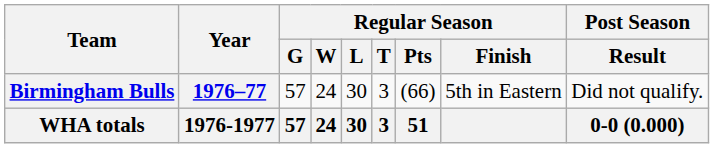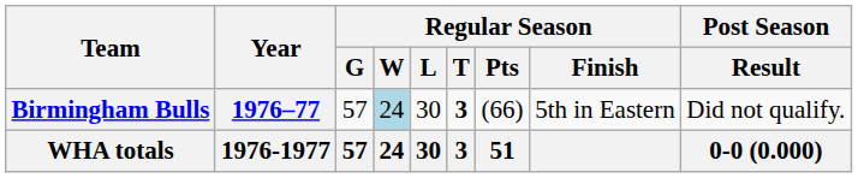 <table class="wikitable" style="font-size: 95%; text-align:center;">
 <tr>
 <th rowspan="2">Team</th>
 <th rowspan="2">Year</th>
 <th colspan="6">Regular Season</th>
 <th colspan="1">Post Season</th>
 </tr>
 <tr>
 <th>G</th>
 <th>W</th>
 <th>L</th>
 <th>T</th>
 <th>Pts</th>
 <th>Finish</th>
 <th>Result</th>
 </tr>
 <tr>
 <th><a href='#'>Birmingham Bulls</a></th>
 <th><a href='#'>1976–77</a></th>
 <td>57</td>
-<td>24</td>
+<td style="background: lightblue;">24</td>
 <td>30</td>
-<td>3</td>
+<td><strong>3</strong></td>
 <td>(66)</td>
 <td>5th in Eastern</td>
 <td>Did not qualify.</td>
 </tr>
 <tr align="centre" bgcolor="#dddddd">
 <th>WHA totals</th>
 <th>1976-1977</th>
 <th>57</th>
 <th>24</th>
 <th>30</th>
 <th>3</th>
 <th>51</th>
 <th></th>
 <th>0-0 (0.000)</th>
 </tr>
 </table>
